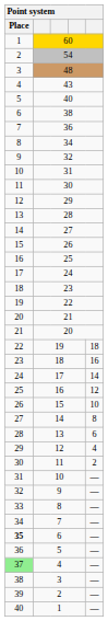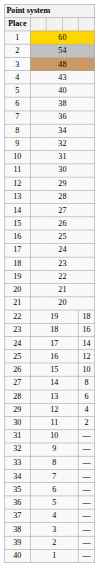 <table class="wikitable collapsible collapsed" style="font-size:80%; text-align:center; float: right; width: 108pt; margin: 1em 0 1em 1em;">
 <tr>
 <th colspan="5" style="white-space:nowrap; text-align:left;">Point system   </th>
 </tr>
 <tr>
 <th style="width: 20pt;">Place</th>
 <th style="width: 12pt;"><small></small></th>
 <th style="width: 12pt;"><small></small></th>
 <th style="width: 12pt;"><small></small></th>
 <th style="width: 12pt;"><small></small></th>
 </tr>
 <tr>
 <td>1</td>
 <td colspan="4" bgcolor="gold">60</td>
 </tr>
 <tr>
 <td>2</td>
 <td colspan="4" bgcolor="silver">54</td>
 </tr>
 <tr>
 <td>3</td>
 <td colspan="4" bgcolor="cc9966">48</td>
 </tr>
 <tr>
 <td>4</td>
 <td colspan="4">43</td>
 </tr>
 <tr>
 <td>5</td>
 <td colspan="4">40</td>
 </tr>
 <tr>
 <td>6</td>
 <td colspan="4">38</td>
 </tr>
 <tr>
 <td>7</td>
 <td colspan="4">36</td>
 </tr>
 <tr>
 <td>8</td>
 <td colspan="4">34</td>
 </tr>
 <tr>
 <td>9</td>
 <td colspan="4">32</td>
 </tr>
 <tr>
 <td>10</td>
 <td colspan="4">31</td>
 </tr>
 <tr>
 <td>11</td>
 <td colspan="4">30</td>
 </tr>
 <tr>
 <td>12</td>
 <td colspan="4">29</td>
 </tr>
 <tr>
 <td>13</td>
 <td colspan="4">28</td>
 </tr>
 <tr>
 <td>14</td>
 <td colspan="4">27</td>
 </tr>
 <tr>
 <td>15</td>
 <td colspan="4">26</td>
 </tr>
 <tr>
 <td>16</td>
 <td colspan="4">25</td>
 </tr>
 <tr>
 <td>17</td>
 <td colspan="4">24</td>
 </tr>
 <tr>
 <td>18</td>
 <td colspan="4">23</td>
 </tr>
 <tr>
 <td>19</td>
 <td colspan="4">22</td>
 </tr>
 <tr>
 <td>20</td>
 <td colspan="4">21</td>
 </tr>
 <tr>
 <td>21</td>
 <td colspan="4">20</td>
 </tr>
 <tr>
 <td>22</td>
 <td colspan="3">19</td>
 <td>18</td>
 </tr>
 <tr>
 <td>23</td>
 <td colspan="3">18</td>
 <td>16</td>
 </tr>
 <tr>
 <td>24</td>
 <td colspan="3">17</td>
 <td>14</td>
 </tr>
 <tr>
 <td>25</td>
 <td colspan="3">16</td>
 <td>12</td>
 </tr>
 <tr>
 <td>26</td>
 <td colspan="3">15</td>
 <td>10</td>
 </tr>
 <tr>
 <td>27</td>
 <td colspan="3">14</td>
 <td>8</td>
 </tr>
 <tr>
 <td>28</td>
 <td colspan="3">13</td>
 <td>6</td>
 </tr>
 <tr>
 <td>29</td>
 <td colspan="3">12</td>
 <td>4</td>
 </tr>
 <tr>
 <td>30</td>
 <td colspan="3">11</td>
 <td>2</td>
 </tr>
 <tr>
 <td>31</td>
 <td colspan="3">10</td>
 <td>—</td>
 </tr>
 <tr>
 <td>32</td>
 <td colspan="3">9</td>
 <td>—</td>
 </tr>
 <tr>
 <td>33</td>
 <td colspan="3">8</td>
 <td>—</td>
 </tr>
 <tr>
 <td>34</td>
 <td colspan="3">7</td>
 <td>—</td>
 </tr>
 <tr>
-<td><strong>35</strong></td>
+<td>35</td>
 <td colspan="3">6</td>
 <td>—</td>
 </tr>
 <tr>
 <td>36</td>
 <td colspan="3">5</td>
 <td>—</td>
 </tr>
 <tr>
-<td style="background: lightgreen;">37</td>
+<td>37</td>
 <td colspan="3">4</td>
 <td>—</td>
 </tr>
 <tr>
 <td>38</td>
 <td colspan="3">3</td>
 <td>—</td>
 </tr>
 <tr>
 <td>39</td>
 <td colspan="3">2</td>
 <td>—</td>
 </tr>
 <tr>
 <td>40</td>
 <td colspan="3">1</td>
 <td>—</td>
 </tr>
 </table>
